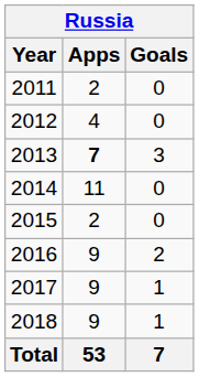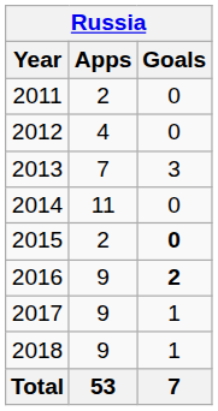 <table class="wikitable" style="text-align:center">
 <tr>
 <th colspan=3><a href='#'>Russia</a></th>
 </tr>
 <tr>
 <th>Year</th>
 <th>Apps</th>
 <th>Goals</th>
 </tr>
 <tr>
 <td>2011</td>
 <td>2</td>
 <td>0</td>
 </tr>
 <tr>
 <td>2012</td>
 <td>4</td>
 <td>0</td>
 </tr>
 <tr>
 <td>2013</td>
-<td><strong>7</strong></td>
+<td>7</td>
 <td>3</td>
 </tr>
 <tr>
 <td>2014</td>
 <td>11</td>
 <td>0</td>
 </tr>
 <tr>
 <td>2015</td>
 <td>2</td>
-<td>0</td>
+<td><strong>0</strong></td>
 </tr>
 <tr>
 <td>2016</td>
 <td>9</td>
-<td>2</td>
+<td><strong>2</strong></td>
 </tr>
 <tr>
 <td>2017</td>
 <td>9</td>
 <td>1</td>
 </tr>
 <tr>
 <td>2018</td>
 <td>9</td>
 <td>1</td>
 </tr>
 <tr>
 <th>Total</th>
 <th>53</th>
 <th>7</th>
 </tr>
 </table>
